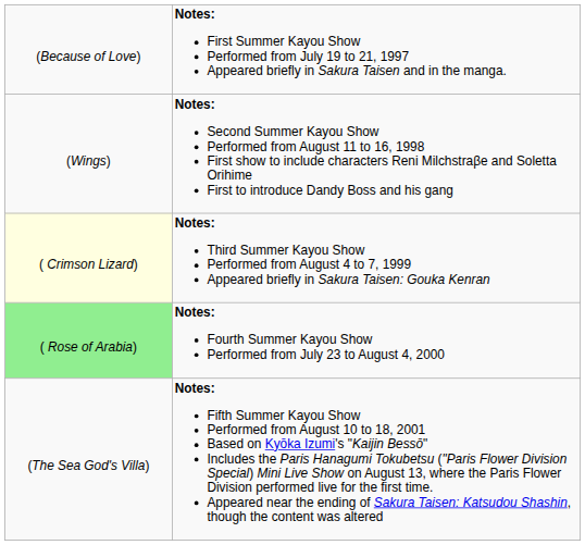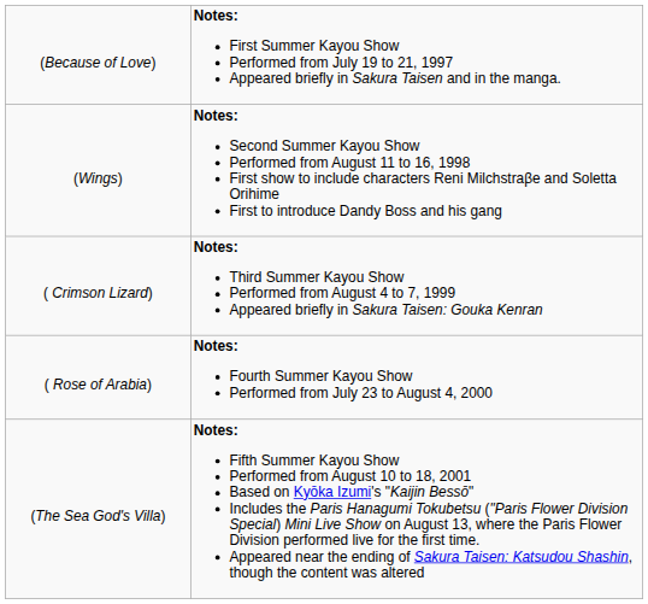 <table class="wikitable" style="margin: 1em auto 1em auto">
 <tr>
 <td width="200pt" valign="center" align="center"><strong></strong><br>(<em>Because of Love</em>)</td>
 <td width="500pt" valign="top" align="left"><strong>Notes:</strong><br><ul><li>First Summer Kayou Show</li><li>Performed from July 19 to 21, 1997</li><li>Appeared briefly in <em>Sakura Taisen</em> and in the manga.</li></ul></td>
 </tr>
 <tr>
 <td width="200pt" valign="center" align="center"><strong></strong><br>(<em>Wings</em>)</td>
 <td width="500pt" valign="top" align="left"><strong>Notes:</strong><br><ul><li>Second Summer Kayou Show</li><li>Performed from August 11 to 16, 1998</li><li>First show to include characters Reni Milchstraβe and Soletta Orihime</li><li>First to introduce Dandy Boss and his gang</li></ul></td>
 </tr>
 <tr>
-<td width="200pt" valign="center" align="center" style="background: lightyellow;"><strong></strong><br>( <em>Crimson Lizard</em>)</td>
+<td width="200pt" valign="center" align="center"><strong></strong><br>( <em>Crimson Lizard</em>)</td>
 <td width="500pt" valign="top" align="left"><strong>Notes:</strong><br><ul><li>Third Summer Kayou Show</li><li>Performed from August 4 to 7, 1999</li><li>Appeared briefly in <em>Sakura Taisen: Gouka Kenran</em></li></ul></td>
 </tr>
 <tr>
-<td width="200pt" valign="center" align="center" style="background: lightgreen;"><strong></strong><br>( <em>Rose of Arabia</em>)</td>
+<td width="200pt" valign="center" align="center"><strong></strong><br>( <em>Rose of Arabia</em>)</td>
 <td width="500pt" valign="top" align="left"><strong>Notes:</strong><br><ul><li>Fourth Summer Kayou Show</li><li>Performed from July 23 to August 4, 2000</li></ul></td>
 </tr>
 <tr>
 <td width="200pt" valign="center" align="center"><strong></strong><br>(<em>The Sea God's Villa</em>)</td>
 <td width="500pt" valign="top" align="left"><strong>Notes:</strong><br><ul><li>Fifth Summer Kayou Show</li><li>Performed from August 10 to 18, 2001</li><li>Based on <a href='#'>Kyōka Izumi</a>'s "<em>Kaijin Bessō</em>"</li><li>Includes the <em>Paris Hanagumi Tokubetsu</em> (<em>"Paris Flower Division Special</em>) <em>Mini Live Show</em> on August 13, where the Paris Flower Division performed live for the first time.</li><li>Appeared near the ending of <em><a href='#'>Sakura Taisen: Katsudou Shashin</a></em>, though the content was altered</li></ul></td>
 </tr>
 </table>
